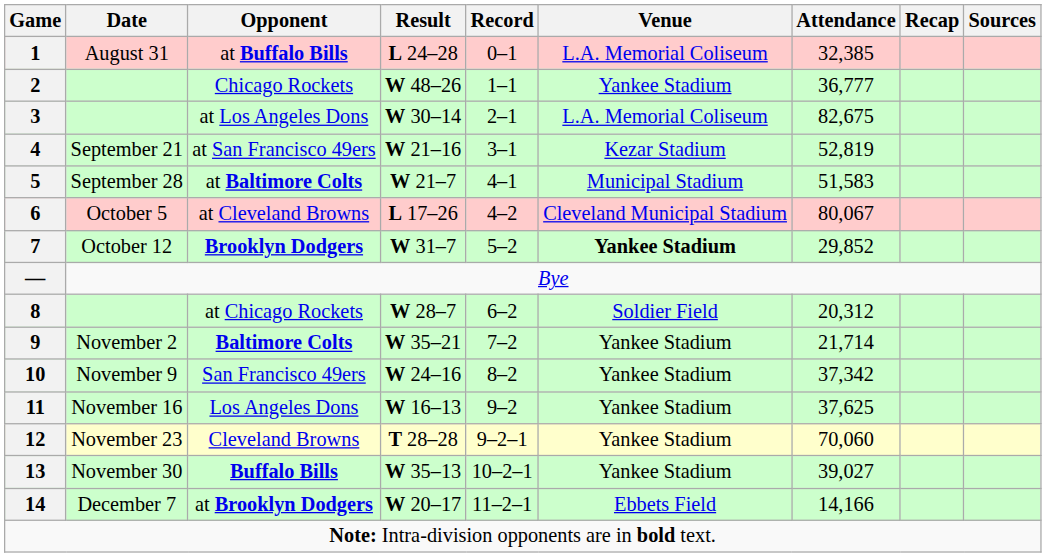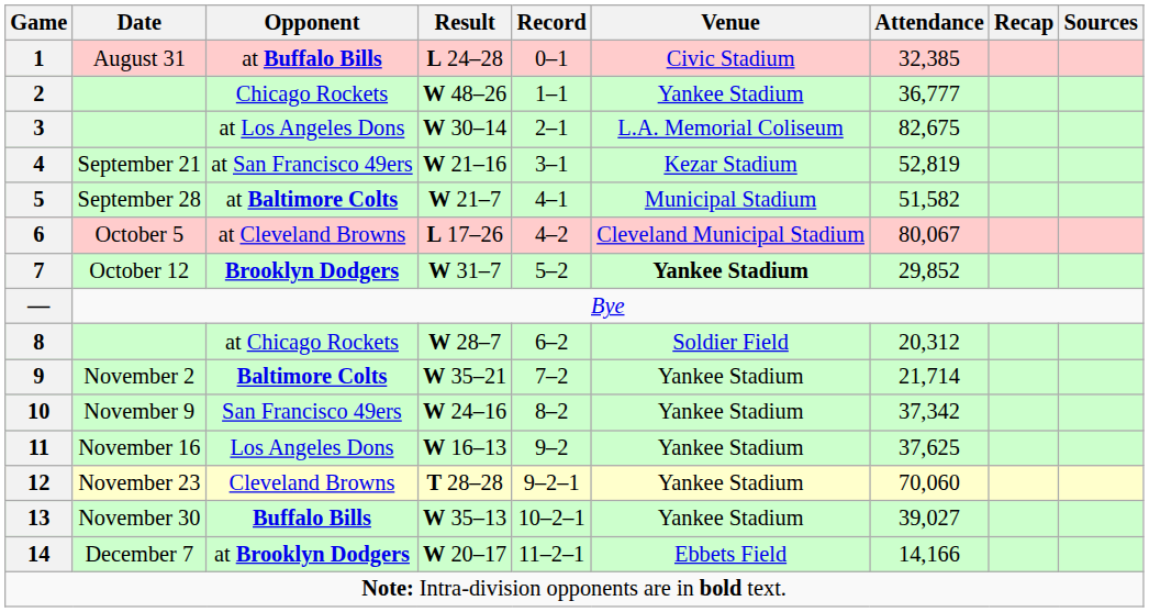 <table class="wikitable" style="text-align:center">
 <tr>
 <th>Game</th>
 <th>Date</th>
 <th>Opponent</th>
 <th>Result</th>
 <th>Record</th>
 <th>Venue</th>
 <th>Attendance</th>
 <th>Recap</th>
 <th>Sources</th>
 </tr>
 <tr style="background: #fcc;">
 <th>1</th>
 <td>August 31</td>
 <td>at <strong><a href='#'>Buffalo Bills</a></strong></td>
 <td><strong>L</strong> 24–28</td>
 <td>0–1</td>
-<td><a href='#'>L.A. Memorial Coliseum</a></td>
+<td><a href='#'>Civic Stadium</a></td>
 <td>32,385</td>
 <td></td>
 <td></td>
 </tr>
 <tr style="background: #cfc;">
 <th>2</th>
 <td></td>
 <td><a href='#'>Chicago Rockets</a></td>
 <td><strong>W</strong> 48–26</td>
 <td>1–1</td>
 <td><a href='#'>Yankee Stadium</a></td>
 <td>36,777</td>
 <td></td>
 <td></td>
 </tr>
 <tr style="background: #cfc;">
 <th>3</th>
 <td></td>
 <td>at <a href='#'>Los Angeles Dons</a></td>
 <td><strong>W</strong> 30–14</td>
 <td>2–1</td>
 <td><a href='#'>L.A. Memorial Coliseum</a></td>
 <td>82,675</td>
 <td></td>
 <td></td>
 </tr>
 <tr style="background: #cfc;">
 <th>4</th>
 <td>September 21</td>
 <td>at <a href='#'>San Francisco 49ers</a></td>
 <td><strong>W</strong> 21–16</td>
 <td>3–1</td>
 <td><a href='#'>Kezar Stadium</a></td>
 <td>52,819</td>
 <td></td>
 <td></td>
 </tr>
 <tr style="background: #cfc;">
 <th>5</th>
 <td>September 28</td>
 <td>at <strong><a href='#'>Baltimore Colts</a></strong></td>
 <td><strong>W</strong> 21–7</td>
 <td>4–1</td>
 <td><a href='#'>Municipal Stadium</a></td>
-<td>51,583</td>
+<td>51,582</td>
 <td></td>
 <td></td>
 </tr>
 <tr style="background: #fcc;">
 <th>6</th>
 <td>October 5</td>
 <td>at <a href='#'>Cleveland Browns</a></td>
 <td><strong>L</strong> 17–26</td>
 <td>4–2</td>
 <td><a href='#'>Cleveland Municipal Stadium</a></td>
 <td>80,067</td>
 <td></td>
 <td></td>
 </tr>
 <tr style="background: #cfc;">
 <th>7</th>
 <td>October 12</td>
 <td><strong><a href='#'>Brooklyn Dodgers</a></strong></td>
 <td><strong>W</strong> 31–7</td>
 <td>5–2</td>
 <td><strong>Yankee Stadium</strong></td>
 <td>29,852</td>
 <td></td>
 <td></td>
 </tr>
 <tr>
 <th>—</th>
 <td colspan="8"><em><a href='#'>Bye</a></em></td>
 </tr>
 <tr style="background: #cfc;">
 <th>8</th>
 <td></td>
 <td>at <a href='#'>Chicago Rockets</a></td>
 <td><strong>W</strong> 28–7</td>
 <td>6–2</td>
 <td><a href='#'>Soldier Field</a></td>
 <td>20,312</td>
 <td></td>
 <td></td>
 </tr>
 <tr style="background: #cfc;">
 <th>9</th>
 <td>November 2</td>
 <td><strong><a href='#'>Baltimore Colts</a></strong></td>
 <td><strong>W</strong> 35–21</td>
 <td>7–2</td>
 <td>Yankee Stadium</td>
 <td>21,714</td>
 <td></td>
 <td></td>
 </tr>
 <tr style="background: #cfc;">
 <th>10</th>
 <td>November 9</td>
 <td><a href='#'>San Francisco 49ers</a></td>
 <td><strong>W</strong> 24–16</td>
 <td>8–2</td>
 <td>Yankee Stadium</td>
 <td>37,342</td>
 <td></td>
 <td></td>
 </tr>
 <tr style="background: #cfc;">
 <th>11</th>
 <td>November 16</td>
 <td><a href='#'>Los Angeles Dons</a></td>
 <td><strong>W</strong> 16–13</td>
 <td>9–2</td>
 <td>Yankee Stadium</td>
 <td>37,625</td>
 <td></td>
 <td></td>
 </tr>
 <tr style="background: #ffc;">
 <th>12</th>
 <td>November 23</td>
 <td><a href='#'>Cleveland Browns</a></td>
 <td><strong>T</strong> 28–28</td>
 <td>9–2–1</td>
 <td>Yankee Stadium</td>
 <td>70,060</td>
 <td></td>
 <td></td>
 </tr>
 <tr style="background: #cfc;">
 <th>13</th>
 <td>November 30</td>
 <td><strong><a href='#'>Buffalo Bills</a></strong></td>
 <td><strong>W</strong> 35–13</td>
 <td>10–2–1</td>
 <td>Yankee Stadium</td>
 <td>39,027</td>
 <td></td>
 <td></td>
 </tr>
 <tr style="background: #cfc;">
 <th>14</th>
 <td>December 7</td>
 <td>at <strong><a href='#'>Brooklyn Dodgers</a></strong></td>
 <td><strong>W</strong> 20–17</td>
 <td>11–2–1</td>
 <td><a href='#'>Ebbets Field</a></td>
 <td>14,166</td>
 <td></td>
 <td></td>
 </tr>
 <tr>
 <td colspan="10"><strong>Note:</strong> Intra-division opponents are in <strong>bold</strong> text.</td>
 </tr>
 </table>
